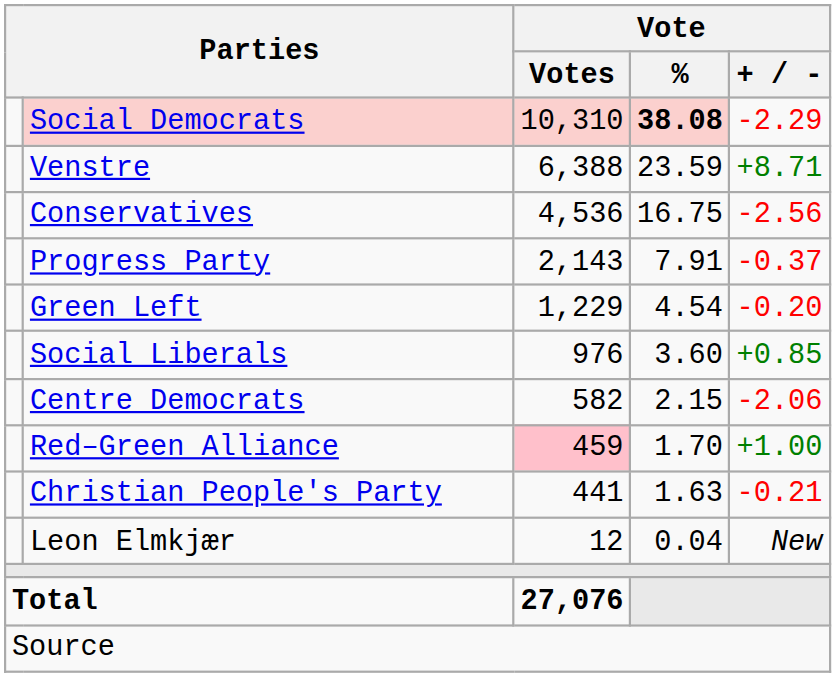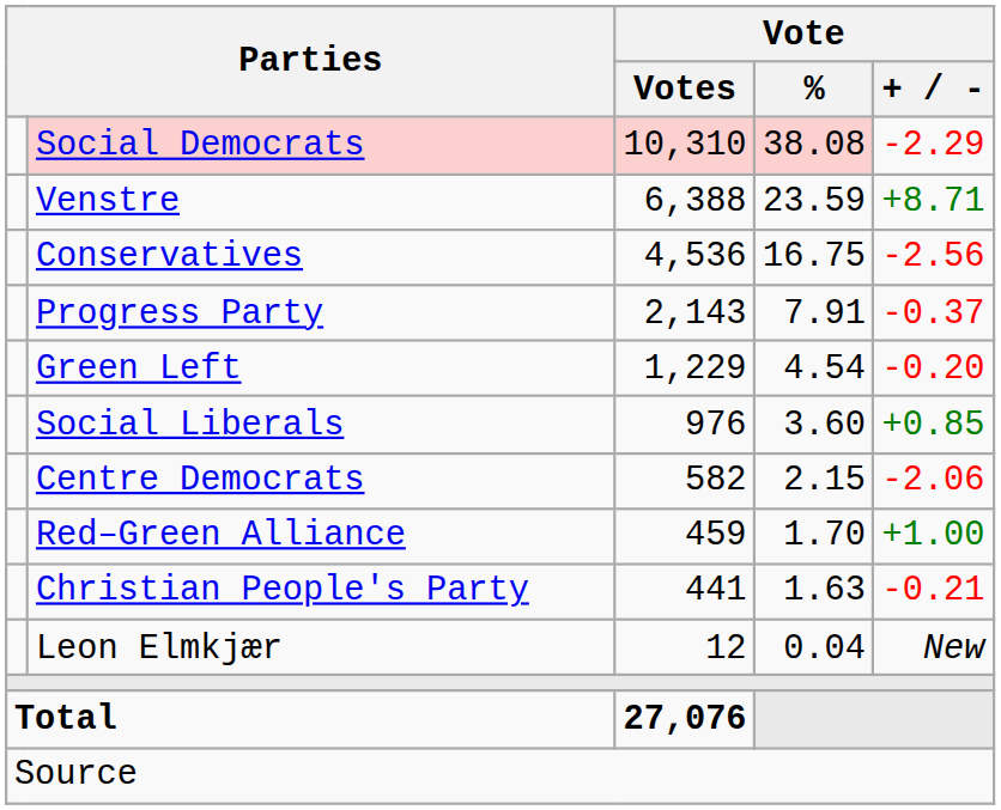 <table class="wikitable" style="text-align:right;">
 <tr>
 <th style="text-align:centre;" rowspan="2" colspan="2" width="225">Parties</th>
 <th colspan="3">Vote</th>
 </tr>
 <tr>
 <th width="15">Votes</th>
 <th width="15">%</th>
 <th width="15">+ / -</th>
 </tr>
 <tr>
 <td width="2" style="color:inherit;background:"></td>
 <td bgcolor=#fbd0ce  align="left"><a href='#'>Social Democrats</a></td>
 <td bgcolor=#fbd0ce>10,310</td>
-<td bgcolor=#fbd0ce><strong>38.08</strong></td>
+<td bgcolor=#fbd0ce>38.08</td>
 <td style=color:red;>-2.29</td>
 </tr>
 <tr>
 <td width="2" style="color:inherit;background:"></td>
 <td align="left"><a href='#'>Venstre</a></td>
 <td>6,388</td>
 <td>23.59</td>
 <td style=color:green;>+8.71</td>
 </tr>
 <tr>
 <td width="2" style="color:inherit;background:"></td>
 <td align="left"><a href='#'>Conservatives</a></td>
 <td>4,536</td>
 <td>16.75</td>
 <td style=color:red;>-2.56</td>
 </tr>
 <tr>
 <td width="2" style="color:inherit;background:"></td>
 <td align="left"><a href='#'>Progress Party</a></td>
 <td>2,143</td>
 <td>7.91</td>
 <td style=color:red;>-0.37</td>
 </tr>
 <tr>
 <td width="2" style="color:inherit;background:"></td>
 <td align="left"><a href='#'>Green Left</a></td>
 <td>1,229</td>
 <td>4.54</td>
 <td style=color:red;>-0.20</td>
 </tr>
 <tr>
 <td width="2" style="color:inherit;background:"></td>
 <td align="left"><a href='#'>Social Liberals</a></td>
 <td>976</td>
 <td>3.60</td>
 <td style=color:green;>+0.85</td>
 </tr>
 <tr>
 <td width="2" style="color:inherit;background:"></td>
 <td align="left"><a href='#'>Centre Democrats</a></td>
 <td>582</td>
 <td>2.15</td>
 <td style=color:red;>-2.06</td>
 </tr>
 <tr>
 <td width="2" style="color:inherit;background:"></td>
 <td align="left"><a href='#'>Red–Green Alliance</a></td>
-<td style="background: pink;">459</td>
+<td>459</td>
 <td>1.70</td>
 <td style=color:green;>+1.00</td>
 </tr>
 <tr>
 <td width="2" style="color:inherit;background:"></td>
 <td align="left"><a href='#'>Christian People's Party</a></td>
 <td>441</td>
 <td>1.63</td>
 <td style=color:red;>-0.21</td>
 </tr>
 <tr>
 <td width="2" style="color:inherit;background:"></td>
 <td align="left">Leon Elmkjær</td>
 <td>12</td>
 <td>0.04</td>
 <td><em>New</em></td>
 </tr>
 <tr>
 <td colspan="7" bgcolor="#E9E9E9"></td>
 </tr>
 <tr>
 <td align="left" colspan="2"><strong>Total</strong></td>
 <td><strong>27,076</strong></td>
 <td bgcolor="#E9E9E9" colspan="2"></td>
 </tr>
 <tr>
 <td align="left" colspan="6">Source</td>
 </tr>
 </table>
